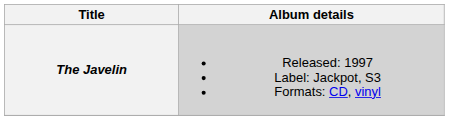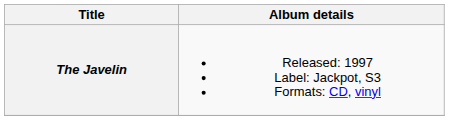 <table class="wikitable plainrowheaders" style="text-align:center;">
 <tr>
 <th scope="col" rowspan="1" style="width:13em;">Title</th>
 <th scope="col" rowspan="1" style="width:20em;">Album details</th>
 </tr>
 <tr>
 <th scope="row"><em>The Javelin</em></th>
-<td style="background: lightgrey;"><br><ul><li>Released: 1997</li><li>Label: Jackpot, S3</li><li>Formats: <a href='#'>CD</a>, <a href='#'>vinyl</a></li></ul></td>
+<td><br><ul><li>Released: 1997</li><li>Label: Jackpot, S3</li><li>Formats: <a href='#'>CD</a>, <a href='#'>vinyl</a></li></ul></td>
 </tr>
 <tr>
 </tr>
 </table>
